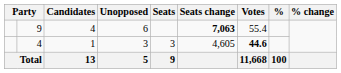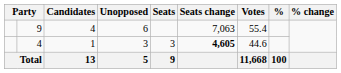 <table class="wikitable sortable">
 <tr>
 <th colspan=2>Party</th>
 <th>Candidates</th>
 <th>Unopposed</th>
 <th>Seats</th>
 <th>Seats change</th>
 <th>Votes</th>
 <th>%</th>
 <th>% change</th>
 </tr>
 <tr>
 <td></td>
 <td align=right>9</td>
 <td align=right>4</td>
 <td align=right>6</td>
 <td align=right></td>
-<td align=right><strong>7,063</strong></td>
+<td align=right>7,063</td>
 <td align=right>55.4</td>
 <td align=right></td>
 </tr>
 <tr>
 <td></td>
 <td align=right>4</td>
 <td align=right>1</td>
 <td align=right>3</td>
 <td align=right>3</td>
-<td align=right>4,605</td>
-<td align=right><strong>44.6</strong></td>
+<td align=right><strong>4,605</strong></td>
+<td align=right>44.6</td>
 <td align=right></td>
 </tr>
 <tr class="sortbottom" style="font-weight: bold; text-align: right; background: #f2f2f2;">
 <th colspan="2" style="padding-left: 1.5em; text-align: left;">Total</th>
 <td align=right>13</td>
 <td align=right>5</td>
 <td align=right>9</td>
 <td align=right></td>
 <td align=right>11,668</td>
 <td align=right>100</td>
 <td align=right></td>
 </tr>
 </table>
